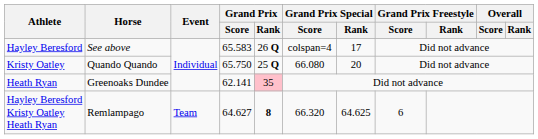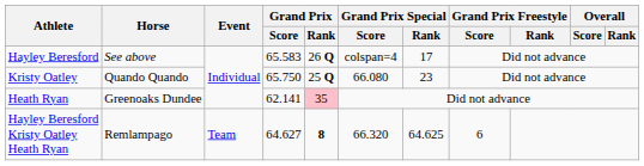 <table class=wikitable style="font-size:90%">
 <tr>
 <th rowspan="2">Athlete</th>
 <th rowspan="2">Horse</th>
 <th rowspan="2">Event</th>
 <th colspan="2">Grand Prix</th>
 <th colspan="2">Grand Prix Special</th>
 <th colspan="2">Grand Prix Freestyle</th>
 <th colspan="2">Overall</th>
 </tr>
 <tr style="font-size:95%">
 <th>Score</th>
 <th>Rank</th>
 <th>Score</th>
 <th>Rank</th>
 <th>Score</th>
 <th>Rank</th>
 <th>Score</th>
 <th>Rank</th>
 </tr>
 <tr align=center>
 <td align=left><a href='#'>Hayley Beresford</a></td>
 <td align=left><em>See above</em></td>
 <td style="text-align:left;" rowspan="3"><a href='#'>Individual</a></td>
 <td>65.583</td>
 <td>26 <strong>Q</strong></td>
 <td>colspan=4 </td>
 <td>17</td>
 <td colspan=4>Did not advance</td>
 </tr>
 <tr align=center>
 <td align=left><a href='#'>Kristy Oatley</a></td>
 <td align=left>Quando Quando</td>
 <td>65.750</td>
 <td>25 <strong>Q</strong></td>
 <td>66.080</td>
-<td>20</td>
+<td>23</td>
 <td colspan=4>Did not advance</td>
 </tr>
 <tr align=center>
 <td align=left><a href='#'>Heath Ryan</a></td>
 <td align=left>Greenoaks Dundee</td>
 <td>62.141</td>
 <td style="background: pink;">35</td>
 <td colspan=6>Did not advance</td>
 </tr>
 <tr align=center>
 <td align=left><a href='#'>Hayley Beresford</a><br><a href='#'>Kristy Oatley</a><br><a href='#'>Heath Ryan</a></td>
 <td align=left>Remlampago</td>
 <td align=left><a href='#'>Team</a></td>
 <td>64.627</td>
 <td><strong>8</strong></td>
 <td>66.320</td>
 <td>64.625</td>
 <td>6</td>
 </tr>
 </table>
